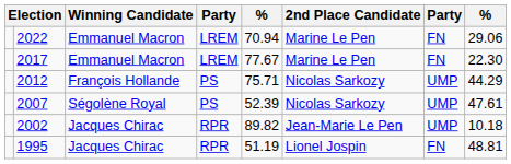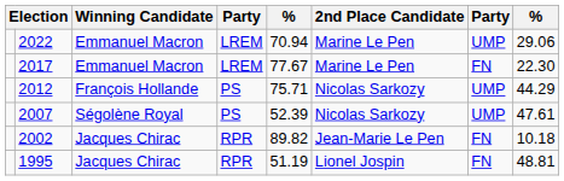 <table class="wikitable">
 <tr>
 <th colspan="2">Election</th>
 <th>Winning Candidate</th>
 <th>Party</th>
 <th>%</th>
 <th>2nd Place Candidate</th>
 <th>Party</th>
 <th>%</th>
 </tr>
 <tr>
 <td style="background-color: "></td>
 <td><a href='#'>2022</a></td>
 <td><a href='#'>Emmanuel Macron</a></td>
 <td><a href='#'>LREM</a></td>
 <td>70.94</td>
 <td><a href='#'>Marine Le Pen</a></td>
-<td><a href='#'>FN</a></td>
+<td><a href='#'>UMP</a></td>
 <td>29.06</td>
 </tr>
 <tr>
 <td style="background-color: "></td>
 <td><a href='#'>2017</a></td>
 <td><a href='#'>Emmanuel Macron</a></td>
 <td><a href='#'>LREM</a></td>
 <td>77.67</td>
 <td><a href='#'>Marine Le Pen</a></td>
 <td><a href='#'>FN</a></td>
 <td>22.30</td>
 </tr>
 <tr>
 <td style="background-color: "></td>
 <td><a href='#'>2012</a></td>
 <td><a href='#'>François Hollande</a></td>
 <td><a href='#'>PS</a></td>
 <td>75.71</td>
 <td><a href='#'>Nicolas Sarkozy</a></td>
 <td><a href='#'>UMP</a></td>
 <td>44.29</td>
 </tr>
 <tr>
 <td style="background-color: "></td>
 <td><a href='#'>2007</a></td>
 <td><a href='#'>Ségolène Royal</a></td>
 <td><a href='#'>PS</a></td>
 <td>52.39</td>
 <td><a href='#'>Nicolas Sarkozy</a></td>
 <td><a href='#'>UMP</a></td>
 <td>47.61</td>
 </tr>
 <tr>
 <td style="background-color: "></td>
 <td><a href='#'>2002</a></td>
 <td><a href='#'>Jacques Chirac</a></td>
 <td><a href='#'>RPR</a></td>
 <td>89.82</td>
 <td><a href='#'>Jean-Marie Le Pen</a></td>
-<td><a href='#'>UMP</a></td>
+<td><a href='#'>FN</a></td>
 <td>10.18</td>
 </tr>
 <tr>
 <td style="background-color: "></td>
 <td><a href='#'>1995</a></td>
 <td><a href='#'>Jacques Chirac</a></td>
 <td><a href='#'>RPR</a></td>
 <td>51.19</td>
 <td><a href='#'>Lionel Jospin</a></td>
 <td><a href='#'>FN</a></td>
 <td>48.81</td>
 </tr>
 </table>
